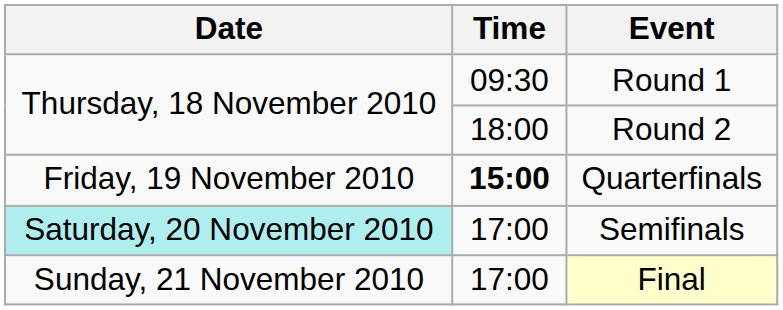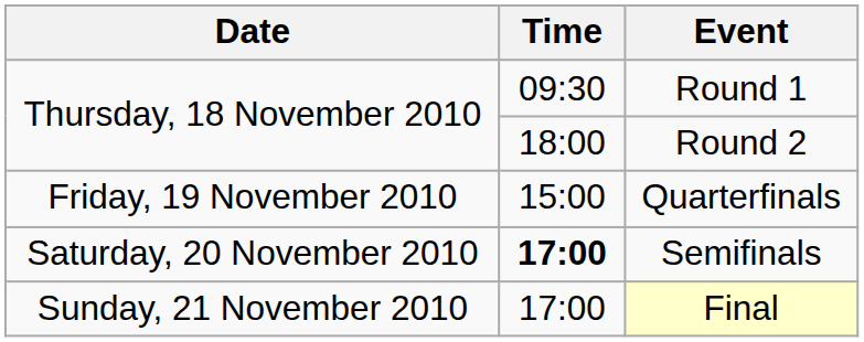 <table class = "wikitable" style="text-align:center;">
 <tr>
 <th width=220>Date</th>
 <th width=50>Time</th>
 <th width=100>Event</th>
 </tr>
 <tr>
 <td rowspan=2>Thursday, 18 November 2010</td>
 <td>09:30</td>
 <td>Round 1</td>
 </tr>
 <tr>
 <td>18:00</td>
 <td>Round 2</td>
 </tr>
 <tr>
 <td>Friday, 19 November 2010</td>
-<td><strong>15:00</strong></td>
+<td>15:00</td>
 <td>Quarterfinals</td>
 </tr>
 <tr>
-<td style="background: paleturquoise;">Saturday, 20 November 2010</td>
-<td>17:00</td>
+<td>Saturday, 20 November 2010</td>
+<td><strong>17:00</strong></td>
 <td>Semifinals</td>
 </tr>
 <tr>
 <td>Sunday, 21 November 2010</td>
 <td>17:00</td>
 <td bgcolor=ffffcc>Final</td>
 </tr>
 </table>
